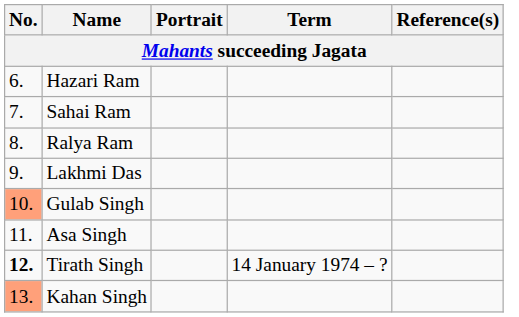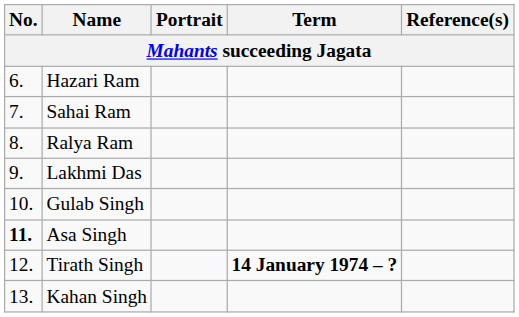 <table class="wikitable">
 <tr>
 <th>No.</th>
 <th>Name<br></th>
 <th>Portrait</th>
 <th>Term</th>
 <th>Reference(s)</th>
 </tr>
 <tr>
 <th colspan="5"><em><a href='#'>Mahants</a></em> succeeding Jagata</th>
 </tr>
 <tr>
 <td>6.</td>
 <td>Hazari Ram<br></td>
 <td></td>
 <td></td>
 <td></td>
 </tr>
 <tr>
 <td>7.</td>
 <td>Sahai Ram<br></td>
 <td></td>
 <td></td>
 <td></td>
 </tr>
 <tr>
 <td>8.</td>
 <td>Ralya Ram<br></td>
 <td></td>
 <td></td>
 <td></td>
 </tr>
 <tr>
 <td>9.</td>
 <td>Lakhmi Das<br></td>
 <td></td>
 <td></td>
 <td></td>
 </tr>
 <tr>
-<td style="background: lightsalmon;">10.</td>
+<td>10.</td>
 <td>Gulab Singh<br></td>
 <td></td>
 <td></td>
 <td></td>
 </tr>
 <tr>
-<td>11.</td>
+<td><strong>11.</strong></td>
 <td>Asa Singh<br></td>
 <td></td>
 <td></td>
 <td></td>
 </tr>
 <tr>
-<td><strong>12.</strong></td>
+<td>12.</td>
 <td>Tirath Singh<br></td>
 <td></td>
-<td>14 January 1974 – ?</td>
+<td><strong>14 January 1974 – ?</strong></td>
 <td></td>
 </tr>
 <tr>
-<td style="background: lightsalmon;">13.</td>
+<td>13.</td>
 <td>Kahan Singh</td>
 <td></td>
 <td></td>
 <td></td>
 </tr>
 </table>
